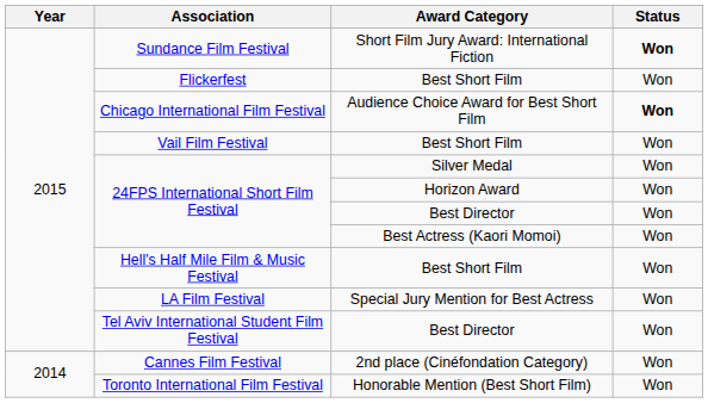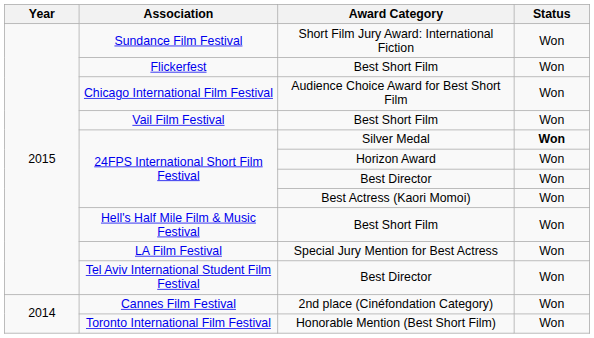 <table class="wikitable" style="text-align: center">
 <tr>
 <th width="90">Year</th>
 <th width="250">Association</th>
 <th width="300">Award Category</th>
 <th width="90">Status</th>
 </tr>
 <tr>
 <td rowspan="11">2015</td>
 <td><a href='#'>Sundance Film Festival</a></td>
 <td>Short Film Jury Award: International Fiction</td>
-<td><strong>Won</strong></td>
+<td>Won</td>
 </tr>
 <tr>
 <td><a href='#'>Flickerfest</a></td>
 <td>Best Short Film</td>
 <td>Won</td>
 </tr>
 <tr>
 <td><a href='#'>Chicago International Film Festival</a></td>
 <td>Audience Choice Award for Best Short Film</td>
-<td><strong>Won</strong></td>
+<td>Won</td>
 </tr>
 <tr>
 <td><a href='#'>Vail Film Festival</a></td>
 <td>Best Short Film</td>
 <td>Won</td>
 </tr>
 <tr>
 <td rowspan="4"><a href='#'>24FPS International Short Film Festival</a></td>
 <td>Silver Medal</td>
-<td>Won</td>
+<td><strong>Won</strong></td>
 </tr>
 <tr>
 <td>Horizon Award</td>
 <td>Won</td>
 </tr>
 <tr>
 <td>Best Director</td>
 <td>Won</td>
 </tr>
 <tr>
 <td>Best Actress (Kaori Momoi)</td>
 <td>Won</td>
 </tr>
 <tr>
 <td><a href='#'>Hell's Half Mile Film & Music Festival</a></td>
 <td>Best Short Film</td>
 <td>Won</td>
 </tr>
 <tr>
 <td><a href='#'>LA Film Festival</a></td>
 <td>Special Jury Mention for Best Actress</td>
 <td>Won</td>
 </tr>
 <tr>
 <td><a href='#'>Tel Aviv International Student Film Festival</a></td>
 <td>Best Director</td>
 <td>Won</td>
 </tr>
 <tr>
 <td rowspan="2">2014</td>
 <td><a href='#'>Cannes Film Festival</a></td>
 <td>2nd place (Cinéfondation Category)</td>
 <td>Won</td>
 </tr>
 <tr>
 <td><a href='#'>Toronto International Film Festival</a></td>
 <td>Honorable Mention (Best Short Film)</td>
 <td>Won</td>
 </tr>
 </table>
